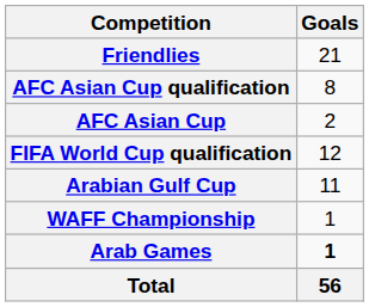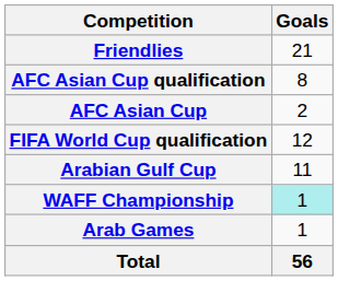 <table class="wikitable plainrowheaders sortable" style="text-align:center; font-size:95%">
 <tr>
 <th scope="col">Competition</th>
 <th scope="col">Goals</th>
 </tr>
 <tr>
 <th scope="row"><a href='#'>Friendlies</a></th>
 <td>21</td>
 </tr>
 <tr>
 <th scope="row"><a href='#'>AFC Asian Cup</a> qualification</th>
 <td>8</td>
 </tr>
 <tr>
 <th scope="row"><a href='#'>AFC Asian Cup</a></th>
 <td>2</td>
 </tr>
 <tr>
 <th scope="row"><a href='#'>FIFA World Cup</a> qualification</th>
 <td>12</td>
 </tr>
 <tr>
 <th scope="row"><a href='#'>Arabian Gulf Cup</a></th>
 <td>11</td>
 </tr>
 <tr>
 <th scope="row"><a href='#'>WAFF Championship</a></th>
-<td>1</td>
+<td style="background: paleturquoise;">1</td>
 </tr>
 <tr>
 <th scope="row"><a href='#'>Arab Games</a></th>
-<td><strong>1</strong></td>
+<td>1</td>
 </tr>
 <tr>
 <th>Total</th>
 <th>56</th>
 </tr>
 </table>
